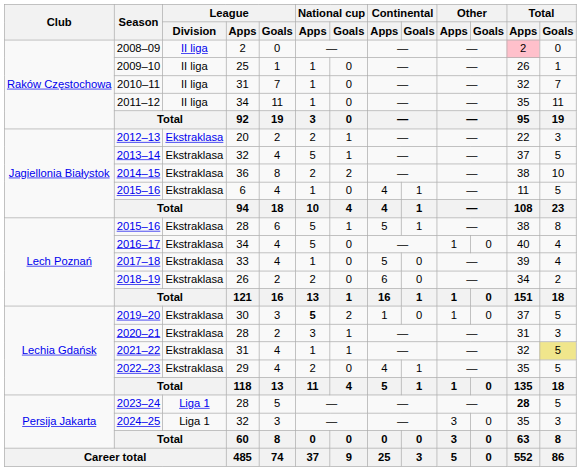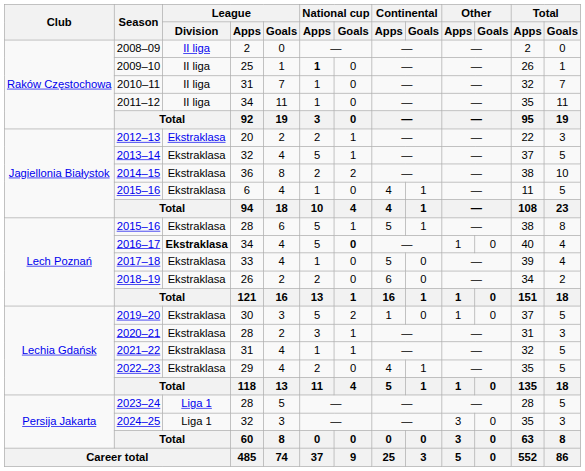 <table class="wikitable" style="text-align: center;">
 <tr>
 <th rowspan="2">Club</th>
 <th rowspan="2">Season</th>
 <th colspan="3">League</th>
 <th colspan="2">National cup</th>
 <th colspan="2">Continental</th>
 <th colspan="2">Other</th>
 <th colspan="2">Total</th>
 </tr>
 <tr>
 <th>Division</th>
 <th>Apps</th>
 <th>Goals</th>
 <th>Apps</th>
 <th>Goals</th>
 <th>Apps</th>
 <th>Goals</th>
 <th>Apps</th>
 <th>Goals</th>
 <th>Apps</th>
 <th>Goals</th>
 </tr>
 <tr>
 <td rowspan="5"><a href='#'>Raków Częstochowa</a></td>
 <td>2008–09</td>
 <td><a href='#'>II liga</a></td>
 <td>2</td>
 <td>0</td>
 <td colspan="2">—</td>
 <td colspan="2">—</td>
 <td colspan="2">—</td>
-<td style="background: pink;">2</td>
+<td>2</td>
 <td>0</td>
 </tr>
 <tr>
 <td>2009–10</td>
 <td>II liga</td>
 <td>25</td>
 <td>1</td>
-<td>1</td>
+<td><strong>1</strong></td>
 <td>0</td>
 <td colspan="2">—</td>
 <td colspan="2">—</td>
 <td>26</td>
 <td>1</td>
 </tr>
 <tr>
 <td>2010–11</td>
 <td>II liga</td>
 <td>31</td>
 <td>7</td>
 <td>1</td>
 <td>0</td>
 <td colspan="2">—</td>
 <td colspan="2">—</td>
 <td>32</td>
 <td>7</td>
 </tr>
 <tr>
 <td>2011–12</td>
 <td>II liga</td>
 <td>34</td>
 <td>11</td>
 <td>1</td>
 <td>0</td>
 <td colspan="2">—</td>
 <td colspan="2">—</td>
 <td>35</td>
 <td>11</td>
 </tr>
 <tr>
 <th colspan="2">Total</th>
 <th>92</th>
 <th>19</th>
 <th>3</th>
 <th>0</th>
 <th colspan="2">—</th>
 <th colspan="2">—</th>
 <th>95</th>
 <th>19</th>
 </tr>
 <tr>
 <td rowspan="5"><a href='#'>Jagiellonia Białystok</a></td>
 <td><a href='#'>2012–13</a></td>
 <td><a href='#'>Ekstraklasa</a></td>
 <td>20</td>
 <td>2</td>
 <td>2</td>
 <td>1</td>
 <td colspan="2">—</td>
 <td colspan="2">—</td>
 <td>22</td>
 <td>3</td>
 </tr>
 <tr>
 <td><a href='#'>2013–14</a></td>
 <td>Ekstraklasa</td>
 <td>32</td>
 <td>4</td>
 <td>5</td>
 <td>1</td>
 <td colspan="2">—</td>
 <td colspan="2">—</td>
 <td>37</td>
 <td>5</td>
 </tr>
 <tr>
 <td><a href='#'>2014–15</a></td>
 <td>Ekstraklasa</td>
 <td>36</td>
 <td>8</td>
 <td>2</td>
 <td>2</td>
 <td colspan="2">—</td>
 <td colspan="2">—</td>
 <td>38</td>
 <td>10</td>
 </tr>
 <tr>
 <td><a href='#'>2015–16</a></td>
 <td>Ekstraklasa</td>
 <td>6</td>
 <td>4</td>
 <td>1</td>
 <td>0</td>
 <td>4</td>
 <td>1</td>
 <td colspan="2">—</td>
 <td>11</td>
 <td>5</td>
 </tr>
 <tr>
 <th colspan="2">Total</th>
 <th>94</th>
 <th>18</th>
 <th>10</th>
 <th>4</th>
 <th>4</th>
 <th>1</th>
 <th colspan="2">—</th>
 <th>108</th>
 <th>23</th>
 </tr>
 <tr>
 <td rowspan="5"><a href='#'>Lech Poznań</a></td>
 <td><a href='#'>2015–16</a></td>
 <td>Ekstraklasa</td>
 <td>28</td>
 <td>6</td>
 <td>5</td>
 <td>1</td>
 <td>5</td>
 <td>1</td>
 <td colspan="2">—</td>
 <td>38</td>
 <td>8</td>
 </tr>
 <tr>
 <td><a href='#'>2016–17</a></td>
-<td>Ekstraklasa</td>
+<td><strong>Ekstraklasa</strong></td>
 <td>34</td>
 <td>4</td>
 <td>5</td>
-<td>0</td>
+<td><strong>0</strong></td>
 <td colspan="2">—</td>
 <td>1</td>
 <td>0</td>
 <td>40</td>
 <td>4</td>
 </tr>
 <tr>
 <td><a href='#'>2017–18</a></td>
 <td>Ekstraklasa</td>
 <td>33</td>
 <td>4</td>
 <td>1</td>
 <td>0</td>
 <td>5</td>
 <td>0</td>
 <td colspan="2">—</td>
 <td>39</td>
 <td>4</td>
 </tr>
 <tr>
 <td><a href='#'>2018–19</a></td>
 <td>Ekstraklasa</td>
 <td>26</td>
 <td>2</td>
 <td>2</td>
 <td>0</td>
 <td>6</td>
 <td>0</td>
 <td colspan="2">—</td>
 <td>34</td>
 <td>2</td>
 </tr>
 <tr>
 <th colspan="2">Total</th>
 <th>121</th>
 <th>16</th>
 <th>13</th>
 <th>1</th>
 <th>16</th>
 <th>1</th>
 <th>1</th>
 <th>0</th>
 <th>151</th>
 <th>18</th>
 </tr>
 <tr>
 <td rowspan="5"><a href='#'>Lechia Gdańsk</a></td>
 <td><a href='#'>2019–20</a></td>
 <td>Ekstraklasa</td>
 <td>30</td>
 <td>3</td>
-<td><strong>5</strong></td>
+<td>5</td>
 <td>2</td>
 <td>1</td>
 <td>0</td>
 <td>1</td>
 <td>0</td>
 <td>37</td>
 <td>5</td>
 </tr>
 <tr>
 <td><a href='#'>2020–21</a></td>
 <td>Ekstraklasa</td>
 <td>28</td>
 <td>2</td>
 <td>3</td>
 <td>1</td>
 <td colspan="2">—</td>
 <td colspan="2">—</td>
 <td>31</td>
 <td>3</td>
 </tr>
 <tr>
 <td><a href='#'>2021–22</a></td>
 <td>Ekstraklasa</td>
 <td>31</td>
 <td>4</td>
 <td>1</td>
 <td>1</td>
 <td colspan="2">—</td>
 <td colspan="2">—</td>
 <td>32</td>
-<td style="background: khaki;">5</td>
+<td>5</td>
 </tr>
 <tr>
 <td><a href='#'>2022–23</a></td>
 <td>Ekstraklasa</td>
 <td>29</td>
 <td>4</td>
 <td>2</td>
 <td>0</td>
 <td>4</td>
 <td>1</td>
 <td colspan="2">—</td>
 <td>35</td>
 <td>5</td>
 </tr>
 <tr>
 <th colspan="2">Total</th>
 <th>118</th>
 <th>13</th>
 <th>11</th>
 <th>4</th>
 <th>5</th>
 <th>1</th>
 <th>1</th>
 <th>0</th>
 <th>135</th>
 <th>18</th>
 </tr>
 <tr>
 <td rowspan="3"><a href='#'>Persija Jakarta</a></td>
 <td><a href='#'>2023–24</a></td>
 <td><a href='#'>Liga 1</a></td>
 <td>28</td>
 <td>5</td>
 <td colspan="2">—</td>
 <td colspan="2">—</td>
 <td colspan="2">—</td>
-<td><strong>28</strong></td>
+<td>28</td>
 <td>5</td>
 </tr>
 <tr>
 <td><a href='#'>2024–25</a></td>
 <td>Liga 1</td>
 <td>32</td>
 <td>3</td>
 <td colspan="2">—</td>
 <td colspan="2">—</td>
 <td>3</td>
 <td>0</td>
 <td>35</td>
 <td>3</td>
 </tr>
 <tr>
 <th colspan="2">Total</th>
 <th>60</th>
 <th>8</th>
 <th>0</th>
 <th>0</th>
 <th>0</th>
 <th>0</th>
 <th>3</th>
 <th>0</th>
 <th>63</th>
 <th>8</th>
 </tr>
 <tr>
 <th colspan="3">Career total</th>
 <th>485</th>
 <th>74</th>
 <th>37</th>
 <th>9</th>
 <th>25</th>
 <th>3</th>
 <th>5</th>
 <th>0</th>
 <th>552</th>
 <th>86</th>
 </tr>
 </table>
